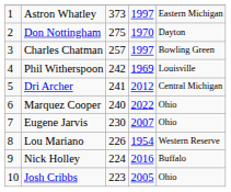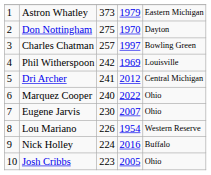 <table class="wikitable" style="display:inline-table;">
 <tr>
 </tr>
 <tr>
 <td>1</td>
 <td>Astron Whatley</td>
 <td>373</td>
-<td><a href='#'>1997</a></td>
+<td><a href='#'>1979</a></td>
 <td style="font-size:80%;">Eastern Michigan</td>
 </tr>
 <tr>
 <td>2</td>
 <td><a href='#'>Don Nottingham</a></td>
 <td>275</td>
 <td><a href='#'>1970</a></td>
 <td style="font-size:80%;">Dayton</td>
 </tr>
 <tr>
 <td>3</td>
 <td>Charles Chatman</td>
 <td>257</td>
 <td><a href='#'>1997</a></td>
 <td style="font-size:80%;">Bowling Green</td>
 </tr>
 <tr>
 <td>4</td>
 <td>Phil Witherspoon</td>
 <td>242</td>
 <td><a href='#'>1969</a></td>
 <td style="font-size:80%;">Louisville</td>
 </tr>
 <tr>
 <td>5</td>
 <td><a href='#'>Dri Archer</a></td>
 <td>241</td>
 <td><a href='#'>2012</a></td>
 <td style="font-size:80%;">Central Michigan</td>
 </tr>
 <tr>
 <td>6</td>
 <td>Marquez Cooper</td>
 <td>240</td>
 <td><a href='#'>2022</a></td>
 <td style="font-size:80%;">Ohio</td>
 </tr>
 <tr>
 <td>7</td>
 <td>Eugene Jarvis</td>
 <td>230</td>
 <td><a href='#'>2007</a></td>
 <td style="font-size:80%;">Ohio</td>
 </tr>
 <tr>
 <td>8</td>
 <td>Lou Mariano</td>
 <td>226</td>
 <td><a href='#'>1954</a></td>
 <td style="font-size:80%;">Western Reserve</td>
 </tr>
 <tr>
 <td>9</td>
 <td>Nick Holley</td>
 <td>224</td>
 <td><a href='#'>2016</a></td>
 <td style="font-size:80%;">Buffalo</td>
 </tr>
 <tr>
 <td>10</td>
 <td><a href='#'>Josh Cribbs</a></td>
 <td>223</td>
 <td><a href='#'>2005</a></td>
 <td style="font-size:80%;">Ohio</td>
 </tr>
 </table>
